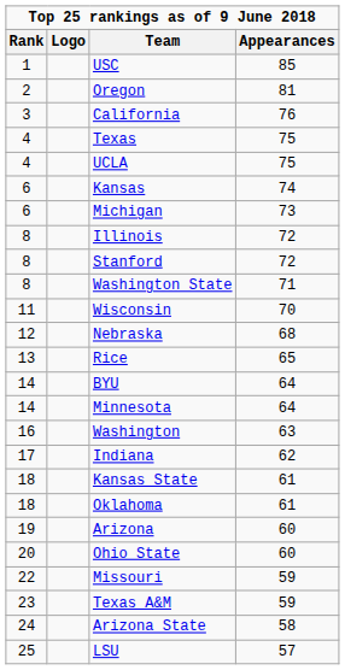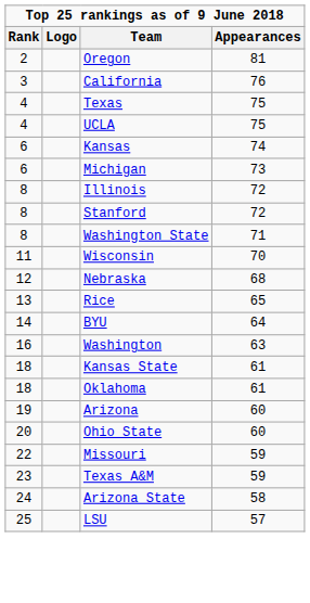 <table class="wikitable" style="font-size: 90%; float: left; margin-left: 1em">
 <tr>
 <td colspan="4" style="text-align:center"><strong>Top 25 rankings as of 9 June 2018</strong></td>
 </tr>
 <tr>
 <th>Rank</th>
 <th>Logo</th>
 <th>Team</th>
 <th>Appearances</th>
-</tr>
-<tr>
-<td align=center>1</td>
-<td style="text-align:center"></td>
-<td><a href='#'>USC</a></td>
-<td style="text-align:center">85</td>
 </tr>
 <tr>
 <td align=center>2</td>
 <td style="text-align:center"></td>
 <td><a href='#'>Oregon</a></td>
 <td style="text-align:center">81</td>
 </tr>
 <tr>
 <td align=center>3</td>
 <td style="text-align:center"></td>
 <td><a href='#'>California</a></td>
 <td style="text-align:center">76</td>
 </tr>
 <tr>
 <td align=center>4</td>
 <td style="text-align:center"></td>
 <td><a href='#'>Texas</a></td>
 <td style="text-align:center">75</td>
 </tr>
 <tr>
 <td align=center>4</td>
 <td style="text-align:center"></td>
 <td><a href='#'>UCLA</a></td>
 <td style="text-align:center">75</td>
 </tr>
 <tr>
 <td align=center>6</td>
 <td style="text-align:center"></td>
 <td><a href='#'>Kansas</a></td>
 <td style="text-align:center">74</td>
 </tr>
 <tr>
 <td align=center>6</td>
 <td style="text-align:center"></td>
 <td><a href='#'>Michigan</a></td>
 <td style="text-align:center">73</td>
 </tr>
 <tr>
 <td align=center>8</td>
 <td style="text-align:center"></td>
 <td><a href='#'>Illinois</a></td>
 <td style="text-align:center">72</td>
 </tr>
 <tr>
 <td align=center>8</td>
 <td style="text-align:center"></td>
 <td><a href='#'>Stanford</a></td>
 <td style="text-align:center">72</td>
 </tr>
 <tr>
 <td align=center>8</td>
 <td style="text-align:center"></td>
 <td><a href='#'>Washington State</a></td>
 <td style="text-align:center">71</td>
 </tr>
 <tr>
 <td align=center>11</td>
 <td style="text-align:center"></td>
 <td><a href='#'>Wisconsin</a></td>
 <td style="text-align:center">70</td>
 </tr>
 <tr>
 <td align=center>12</td>
 <td style="text-align:center"></td>
 <td><a href='#'>Nebraska</a></td>
 <td style="text-align:center">68</td>
 </tr>
 <tr>
 <td align=center>13</td>
 <td style="text-align:center"></td>
 <td><a href='#'>Rice</a></td>
 <td style="text-align:center">65</td>
 </tr>
 <tr>
 <td align=center>14</td>
 <td style="text-align:center"></td>
 <td><a href='#'>BYU</a></td>
 <td style="text-align:center">64</td>
 </tr>
 <tr>
-<td align=center>14</td>
-<td style="text-align:center"></td>
-<td><a href='#'>Minnesota</a></td>
-<td style="text-align:center">64</td>
-</tr>
-<tr>
 <td align=center>16</td>
 <td style="text-align:center"></td>
 <td><a href='#'>Washington</a></td>
 <td style="text-align:center">63</td>
-</tr>
-<tr>
-<td align=center>17</td>
-<td style="text-align:center"></td>
-<td><a href='#'>Indiana</a></td>
-<td style="text-align:center">62</td>
 </tr>
 <tr>
 <td align=center>18</td>
 <td style="text-align:center"></td>
 <td><a href='#'>Kansas State</a></td>
 <td style="text-align:center">61</td>
 </tr>
 <tr>
 <td align=center>18</td>
 <td style="text-align:center"></td>
 <td><a href='#'>Oklahoma</a></td>
 <td style="text-align:center">61</td>
 </tr>
 <tr>
 <td align=center>19</td>
 <td style="text-align:center"></td>
 <td><a href='#'>Arizona</a></td>
 <td style="text-align:center">60</td>
 </tr>
 <tr>
 <td align=center>20</td>
 <td style="text-align:center"></td>
 <td><a href='#'>Ohio State</a></td>
 <td style="text-align:center">60</td>
 </tr>
 <tr>
 <td align=center>22</td>
 <td style="text-align:center"></td>
 <td><a href='#'>Missouri</a></td>
 <td style="text-align:center">59</td>
 </tr>
 <tr>
 <td align=center>23</td>
 <td style="text-align:center"></td>
 <td><a href='#'>Texas A&M</a></td>
 <td style="text-align:center">59</td>
 </tr>
 <tr>
 <td align=center>24</td>
 <td style="text-align:center"></td>
 <td><a href='#'>Arizona State</a></td>
 <td style="text-align:center">58</td>
 </tr>
 <tr>
 <td align=center>25</td>
 <td style="text-align:center"></td>
 <td><a href='#'>LSU</a></td>
 <td style="text-align:center">57</td>
 </tr>
 </table>
